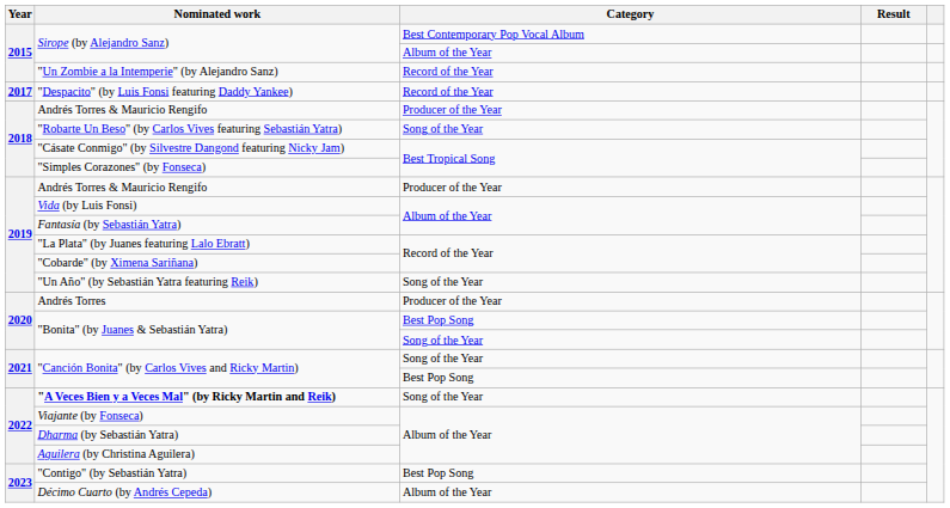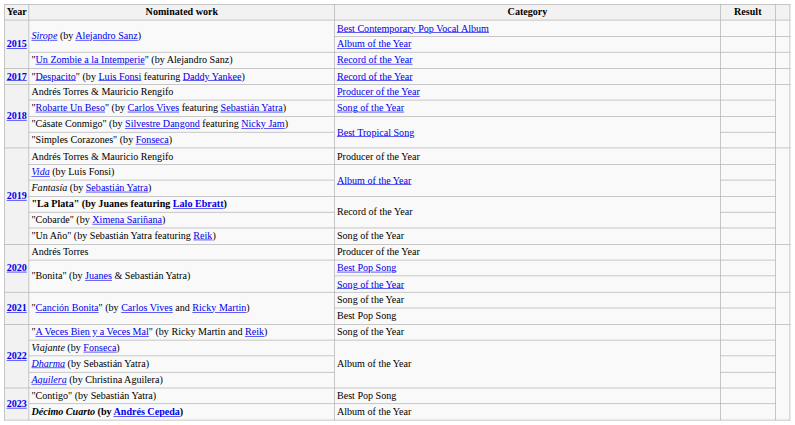 <table class="wikitable plainrowheaders">
 <tr>
 <th scope="col" style="width:1em;">Year</th>
 <th scope="col" style="width:30em;">Nominated work</th>
 <th scope="col" style="width:38em;">Category</th>
 <th scope="col" style="width:5em;">Result</th>
 <th scope="col" style="width:1em;"></th>
 </tr>
 <tr>
 <th scope="row" rowspan="3"><a href='#'>2015</a></th>
 <td rowspan="2"><em><a href='#'>Sirope</a></em> (by <a href='#'>Alejandro Sanz</a>)</td>
 <td><a href='#'>Best Contemporary Pop Vocal Album</a></td>
 <td></td>
 <td></td>
 </tr>
 <tr>
 <td><a href='#'>Album of the Year</a></td>
 <td></td>
 <td></td>
 </tr>
 <tr>
 <td>"<a href='#'>Un Zombie a la Intemperie</a>" (by Alejandro Sanz)</td>
 <td><a href='#'>Record of the Year</a></td>
 <td></td>
 <td></td>
 </tr>
 <tr>
 <th scope="row"><a href='#'>2017</a></th>
 <td>"<a href='#'>Despacito</a>" (by <a href='#'>Luis Fonsi</a> featuring <a href='#'>Daddy Yankee</a>)</td>
 <td><a href='#'>Record of the Year</a></td>
 <td></td>
 <td></td>
 </tr>
 <tr>
 <th scope="row" rowspan="4"><a href='#'>2018</a></th>
 <td>Andrés Torres & Mauricio Rengifo</td>
 <td><a href='#'>Producer of the Year</a></td>
 <td></td>
 <td rowspan="4"></td>
 </tr>
 <tr>
 <td>"<a href='#'>Robarte Un Beso</a>" (by <a href='#'>Carlos Vives</a> featuring <a href='#'>Sebastián Yatra</a>)</td>
 <td><a href='#'>Song of the Year</a></td>
 <td></td>
 </tr>
 <tr>
 <td>"Cásate Conmigo" (by <a href='#'>Silvestre Dangond</a> featuring <a href='#'>Nicky Jam</a>)</td>
 <td rowspan="2"><a href='#'>Best Tropical Song</a></td>
 <td></td>
 </tr>
 <tr>
 <td>"Simples Corazones" (by <a href='#'>Fonseca</a>)</td>
 <td></td>
 </tr>
 <tr>
 <th scope="row" rowspan="6"><a href='#'>2019</a></th>
 <td>Andrés Torres & Mauricio Rengifo</td>
 <td>Producer of the Year</td>
 <td></td>
 <td rowspan="6"></td>
 </tr>
 <tr>
 <td><em><a href='#'>Vida</a></em> (by Luis Fonsi)</td>
 <td rowspan="2"><a href='#'>Album of the Year</a></td>
 <td></td>
 </tr>
 <tr>
 <td><em>Fantasía</em> (by <a href='#'>Sebastián Yatra</a>)</td>
 <td></td>
 </tr>
 <tr>
-<td>"La Plata" (by Juanes featuring <a href='#'>Lalo Ebratt</a>)</td>
+<td><strong>"La Plata" (by Juanes featuring <a href='#'>Lalo Ebratt</a>)</strong></td>
 <td rowspan="2">Record of the Year</td>
 <td></td>
 </tr>
 <tr>
 <td>"Cobarde" (by <a href='#'>Ximena Sariñana</a>)</td>
 <td></td>
 </tr>
 <tr>
 <td>"Un Año" (by Sebastián Yatra featuring <a href='#'>Reik</a>)</td>
 <td>Song of the Year</td>
 <td></td>
 </tr>
 <tr>
 <th scope="row" rowspan="3"><a href='#'>2020</a></th>
 <td>Andrés Torres</td>
 <td>Producer of the Year</td>
 <td></td>
 <td rowspan="3"></td>
 </tr>
 <tr>
 <td rowspan="2">"Bonita" (by <a href='#'>Juanes</a> & Sebastián Yatra)</td>
 <td><a href='#'>Best Pop Song</a></td>
 <td></td>
 </tr>
 <tr>
 <td><a href='#'>Song of the Year</a></td>
 <td></td>
 </tr>
 <tr>
 <th scope="row" rowspan="2"><a href='#'>2021</a></th>
 <td rowspan="2">"<a href='#'>Canción Bonita</a>" (by <a href='#'>Carlos Vives</a> and <a href='#'>Ricky Martin</a>)</td>
 <td>Song of the Year</td>
 <td></td>
 <td rowspan="2"></td>
 </tr>
 <tr>
 <td>Best Pop Song</td>
 <td></td>
 </tr>
 <tr>
 <th scope="row" rowspan="4"><a href='#'>2022</a></th>
-<td><strong>"<a href='#'>A Veces Bien y a Veces Mal</a>" (by Ricky Martin and <a href='#'>Reik</a>)</strong></td>
+<td>"<a href='#'>A Veces Bien y a Veces Mal</a>" (by Ricky Martin and <a href='#'>Reik</a>)</td>
 <td>Song of the Year</td>
 <td></td>
 <td rowspan="6"></td>
 </tr>
 <tr>
 <td><em>Viajante</em> (by <a href='#'>Fonseca</a>)</td>
 <td rowspan="3">Album of the Year</td>
 <td></td>
 </tr>
 <tr>
 <td><em><a href='#'>Dharma</a></em> (by Sebastián Yatra)</td>
 <td></td>
 </tr>
 <tr>
 <td><em><a href='#'>Aguilera</a></em> (by Christina Aguilera)</td>
 <td></td>
 </tr>
 <tr>
 <th scope="row" rowspan="2"><a href='#'>2023</a></th>
 <td>"Contigo" (by Sebastián Yatra)</td>
 <td>Best Pop Song</td>
 <td></td>
 </tr>
 <tr>
-<td><em>Décimo Cuarto</em> (by <a href='#'>Andrés Cepeda</a>)</td>
+<td><strong><em>Décimo Cuarto</em> (by <a href='#'>Andrés Cepeda</a>)</strong></td>
 <td>Album of the Year</td>
 <td></td>
 </tr>
 </table>
